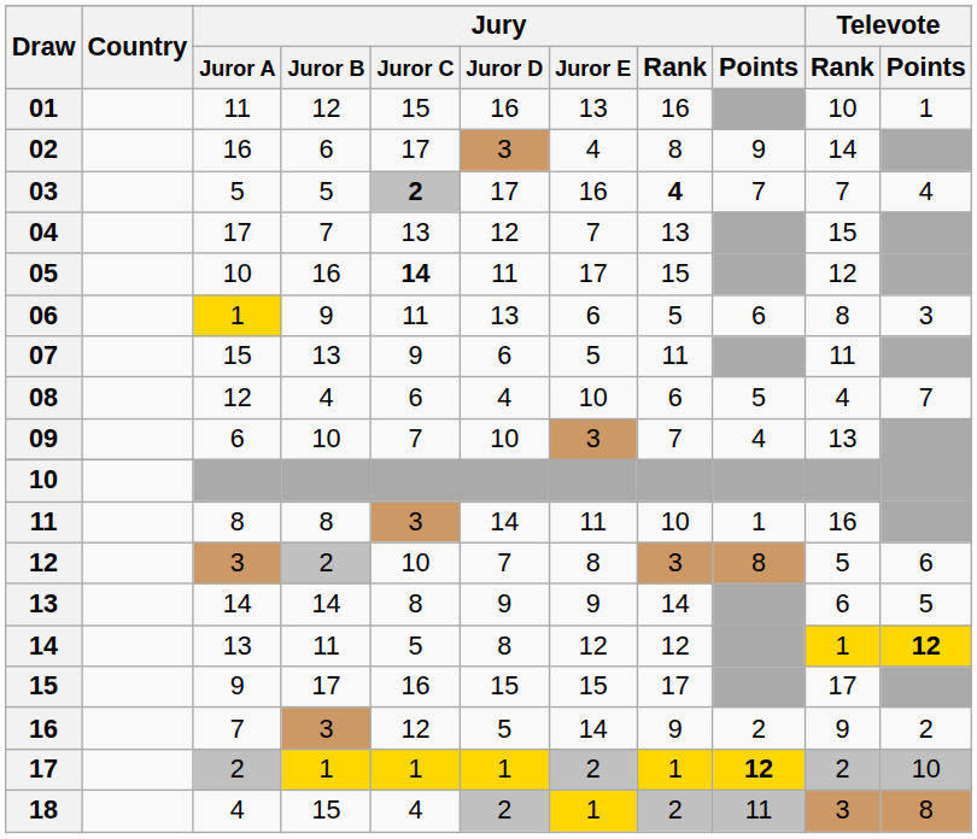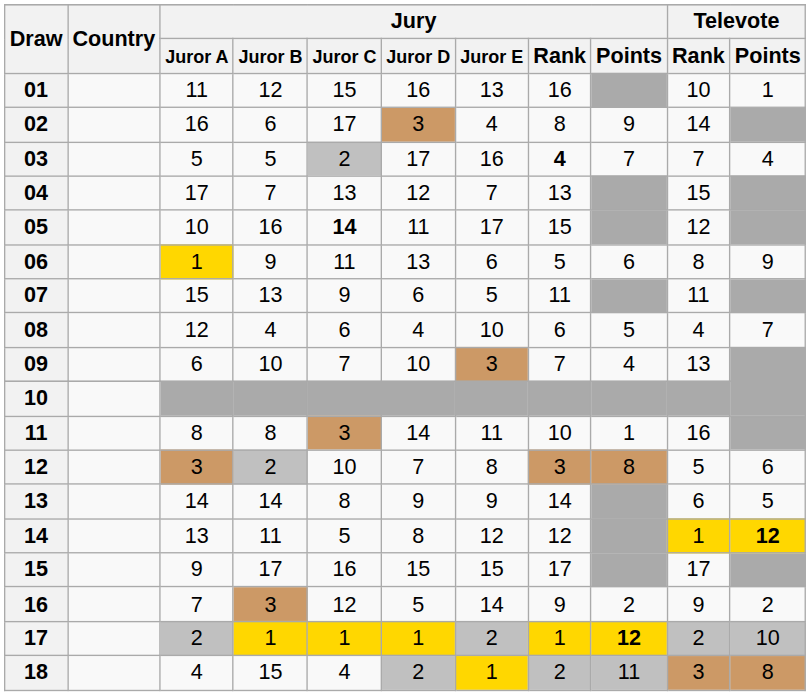 <table class="sortable wikitable collapsible plainrowheaders" style="text-align:center;">
 <tr>
 </tr>
 <tr>
 <th scope="col" rowspan="2">Draw</th>
 <th scope="col" rowspan="2">Country</th>
 <th scope="col" colspan="7">Jury</th>
 <th scope="col" colspan="2">Televote</th>
 </tr>
 <tr>
 <th scope="col"><small>Juror A</small></th>
 <th scope="col"><small>Juror B</small></th>
 <th scope="col"><small>Juror C</small></th>
 <th scope="col"><small>Juror D</small></th>
 <th scope="col"><small>Juror E</small></th>
 <th scope="col">Rank</th>
 <th scope="col">Points</th>
 <th scope="col">Rank</th>
 <th scope="col">Points</th>
 </tr>
 <tr>
 <th scope="row" style="text-align:center;">01</th>
 <td style="text-align:left;"></td>
 <td>11</td>
 <td>12</td>
 <td>15</td>
 <td>16</td>
 <td>13</td>
 <td>16</td>
 <td style="background:#AAAAAA;"></td>
 <td>10</td>
 <td>1</td>
 </tr>
 <tr>
 <th scope="row" style="text-align:center;">02</th>
 <td style="text-align:left;"></td>
 <td>16</td>
 <td>6</td>
 <td>17</td>
 <td style="background:#CC9966;">3</td>
 <td>4</td>
 <td>8</td>
 <td>9</td>
 <td>14</td>
 <td style="background:#AAAAAA;"></td>
 </tr>
 <tr>
 <th scope="row" style="text-align:center;">03</th>
 <td style="text-align:left;"></td>
 <td>5</td>
 <td>5</td>
-<td style="background:silver;"><strong>2</strong></td>
+<td style="background:silver;">2</td>
 <td>17</td>
 <td>16</td>
 <td><strong>4</strong></td>
 <td>7</td>
 <td>7</td>
 <td>4</td>
 </tr>
 <tr>
 <th scope="row" style="text-align:center;">04</th>
 <td style="text-align:left;"></td>
 <td>17</td>
 <td>7</td>
 <td>13</td>
 <td>12</td>
 <td>7</td>
 <td>13</td>
 <td style="background:#AAAAAA;"></td>
 <td>15</td>
 <td style="background:#AAAAAA;"></td>
 </tr>
 <tr>
 <th scope="row" style="text-align:center;">05</th>
 <td style="text-align:left;"></td>
 <td>10</td>
 <td>16</td>
 <td><strong>14</strong></td>
 <td>11</td>
 <td>17</td>
 <td>15</td>
 <td style="background:#AAAAAA;"></td>
 <td>12</td>
 <td style="background:#AAAAAA;"></td>
 </tr>
 <tr>
 <th scope="row" style="text-align:center;">06</th>
 <td style="text-align:left;"></td>
 <td style="background:gold;">1</td>
 <td>9</td>
 <td>11</td>
 <td>13</td>
 <td>6</td>
 <td>5</td>
 <td>6</td>
 <td>8</td>
-<td>3</td>
+<td>9</td>
 </tr>
 <tr>
 <th scope="row" style="text-align:center;">07</th>
 <td style="text-align:left;"></td>
 <td>15</td>
 <td>13</td>
 <td>9</td>
 <td>6</td>
 <td>5</td>
 <td>11</td>
 <td style="background:#AAAAAA;"></td>
 <td>11</td>
 <td style="background:#AAAAAA;"></td>
 </tr>
 <tr>
 <th scope="row" style="text-align:center;">08</th>
 <td style="text-align:left;"></td>
 <td>12</td>
 <td>4</td>
 <td>6</td>
 <td>4</td>
 <td>10</td>
 <td>6</td>
 <td>5</td>
 <td>4</td>
 <td>7</td>
 </tr>
 <tr>
 <th scope="row" style="text-align:center;">09</th>
 <td style="text-align:left;"></td>
 <td>6</td>
 <td>10</td>
 <td>7</td>
 <td>10</td>
 <td style="background:#CC9966;">3</td>
 <td>7</td>
 <td>4</td>
 <td>13</td>
 <td style="background:#AAAAAA;"></td>
 </tr>
 <tr>
 </tr>
 <tr class="sortbottom">
 <th scope="row" style="text-align:center;">10</th>
 <td style="text-align:left;"></td>
 <td style="background:#AAAAAA;"></td>
 <td style="background:#AAAAAA;"></td>
 <td style="background:#AAAAAA;"></td>
 <td style="background:#AAAAAA;"></td>
 <td style="background:#AAAAAA;"></td>
 <td style="background:#AAAAAA;"></td>
 <td style="background:#AAAAAA;"></td>
 <td style="background:#AAAAAA;"></td>
 <td style="background:#AAAAAA;"></td>
 </tr>
 <tr>
 <th scope="row" style="text-align:center;">11</th>
 <td style="text-align:left;"></td>
 <td>8</td>
 <td>8</td>
 <td style="background:#CC9966;">3</td>
 <td>14</td>
 <td>11</td>
 <td>10</td>
 <td>1</td>
 <td>16</td>
 <td style="background:#AAAAAA;"></td>
 </tr>
 <tr>
 <th scope="row" style="text-align:center;">12</th>
 <td style="text-align:left;"></td>
 <td style="background:#CC9966;">3</td>
 <td style="background:silver;">2</td>
 <td>10</td>
 <td>7</td>
 <td>8</td>
 <td style="background:#CC9966;">3</td>
 <td style="background:#CC9966;">8</td>
 <td>5</td>
 <td>6</td>
 </tr>
 <tr>
 <th scope="row" style="text-align:center;">13</th>
 <td style="text-align:left;"></td>
 <td>14</td>
 <td>14</td>
 <td>8</td>
 <td>9</td>
 <td>9</td>
 <td>14</td>
 <td style="background:#AAAAAA;"></td>
 <td>6</td>
 <td>5</td>
 </tr>
 <tr>
 <th scope="row" style="text-align:center;">14</th>
 <td style="text-align:left;"></td>
 <td>13</td>
 <td>11</td>
 <td>5</td>
 <td>8</td>
 <td>12</td>
 <td>12</td>
 <td style="background:#AAAAAA;"></td>
 <td style="background:gold;">1</td>
 <td style="background:gold;"><strong>12</strong></td>
 </tr>
 <tr>
 <th scope="row" style="text-align:center;">15</th>
 <td style="text-align:left;"></td>
 <td>9</td>
 <td>17</td>
 <td>16</td>
 <td>15</td>
 <td>15</td>
 <td>17</td>
 <td style="background:#AAAAAA;"></td>
 <td>17</td>
 <td style="background:#AAAAAA;"></td>
 </tr>
 <tr>
 <th scope="row" style="text-align:center;">16</th>
 <td style="text-align:left;"></td>
 <td>7</td>
 <td style="background:#CC9966;">3</td>
 <td>12</td>
 <td>5</td>
 <td>14</td>
 <td>9</td>
 <td>2</td>
 <td>9</td>
 <td>2</td>
 </tr>
 <tr>
 <th scope="row" style="text-align:center;">17</th>
 <td style="text-align:left;"></td>
 <td style="background:silver;">2</td>
 <td style="background:gold;">1</td>
 <td style="background:gold;">1</td>
 <td style="background:gold;">1</td>
 <td style="background:silver;">2</td>
 <td style="background:gold;">1</td>
 <td style="background:gold;"><strong>12</strong></td>
 <td style="background:silver;">2</td>
 <td style="background:silver;">10</td>
 </tr>
 <tr>
 <th scope="row" style="text-align:center;">18</th>
 <td style="text-align:left;"></td>
 <td>4</td>
 <td>15</td>
 <td>4</td>
 <td style="background:silver;">2</td>
 <td style="background:gold;">1</td>
 <td style="background:silver;">2</td>
 <td style="background:silver;">11</td>
 <td style="background:#CC9966;">3</td>
 <td style="background:#CC9966;">8</td>
 </tr>
 </table>
